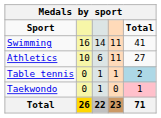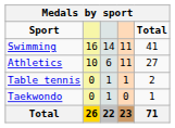 <table class="wikitable" style="font-size:85%; float:right; text-align:center">
 <tr style="background:#efefef;">
 <th colspan=5>Medals by sport</th>
 </tr>
 <tr>
 <td><strong>Sport</strong></td>
 <td style="background:#f7f6a8;"></td>
 <td style="background:#dce5e5;"></td>
 <td style="background:#ffdab9;"></td>
 <td><strong>Total</strong></td>
 </tr>
 <tr>
 <td align=left><a href='#'>Swimming</a></td>
 <td style="background:#f7f6a8;">16</td>
 <td style="background:#dce5e5;">14</td>
 <td style="background:#ffdab9;">11</td>
 <td>41</td>
 </tr>
 <tr>
 <td align=left><a href='#'>Athletics</a></td>
 <td style="background:#f7f6a8;">10</td>
 <td style="background:#dce5e5;">6</td>
 <td style="background:#ffdab9;">11</td>
 <td>27</td>
 </tr>
 <tr>
 <td align=left><a href='#'>Table tennis</a></td>
 <td style="background:#f7f6a8;">0</td>
 <td style="background:#dce5e5;">1</td>
 <td style="background:#ffdab9;">1</td>
-<td style="background: lightblue;">2</td>
+<td>2</td>
 </tr>
 <tr>
 <td align=left><a href='#'>Taekwondo</a></td>
 <td style="background:#f7f6a8;">0</td>
 <td style="background:#dce5e5;">1</td>
 <td style="background:#ffdab9;">0</td>
-<td style="background: pink;">1</td>
+<td>1</td>
 </tr>
 <tr>
 <th>Total</th>
 <th style="background:gold;">26</th>
 <th style="background:silver;">22</th>
 <th style="background:#c96;">23</th>
 <th>71</th>
 </tr>
 </table>
